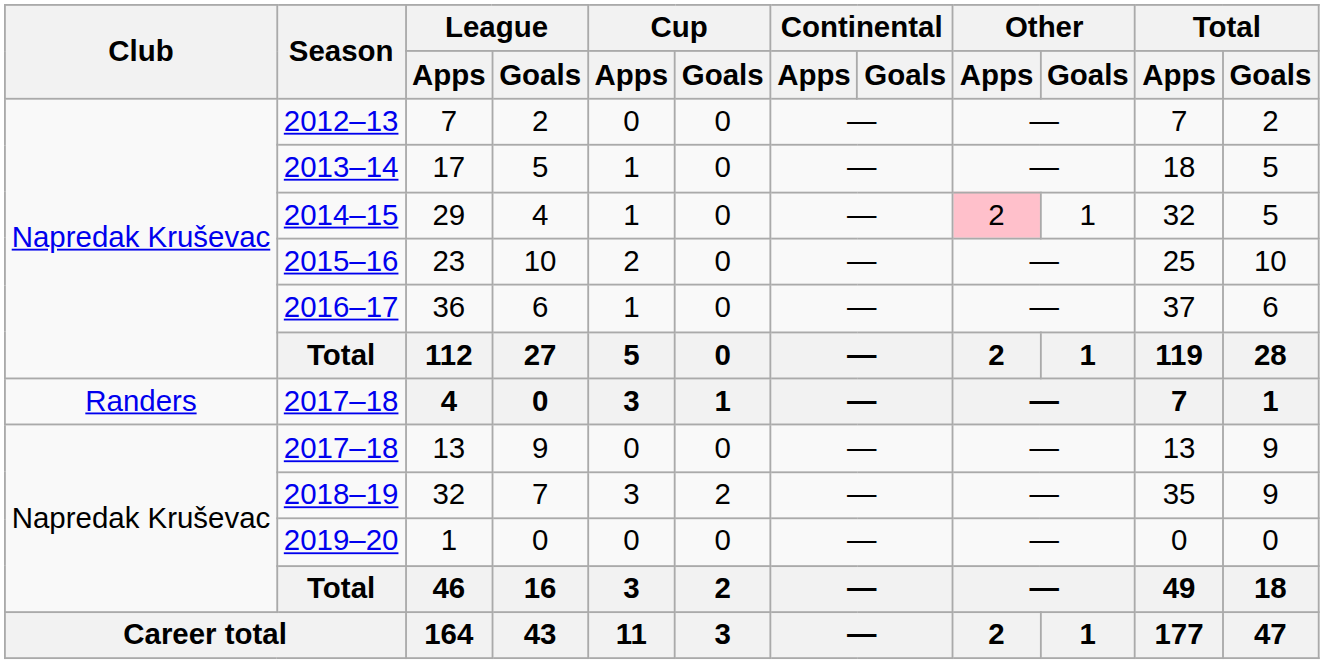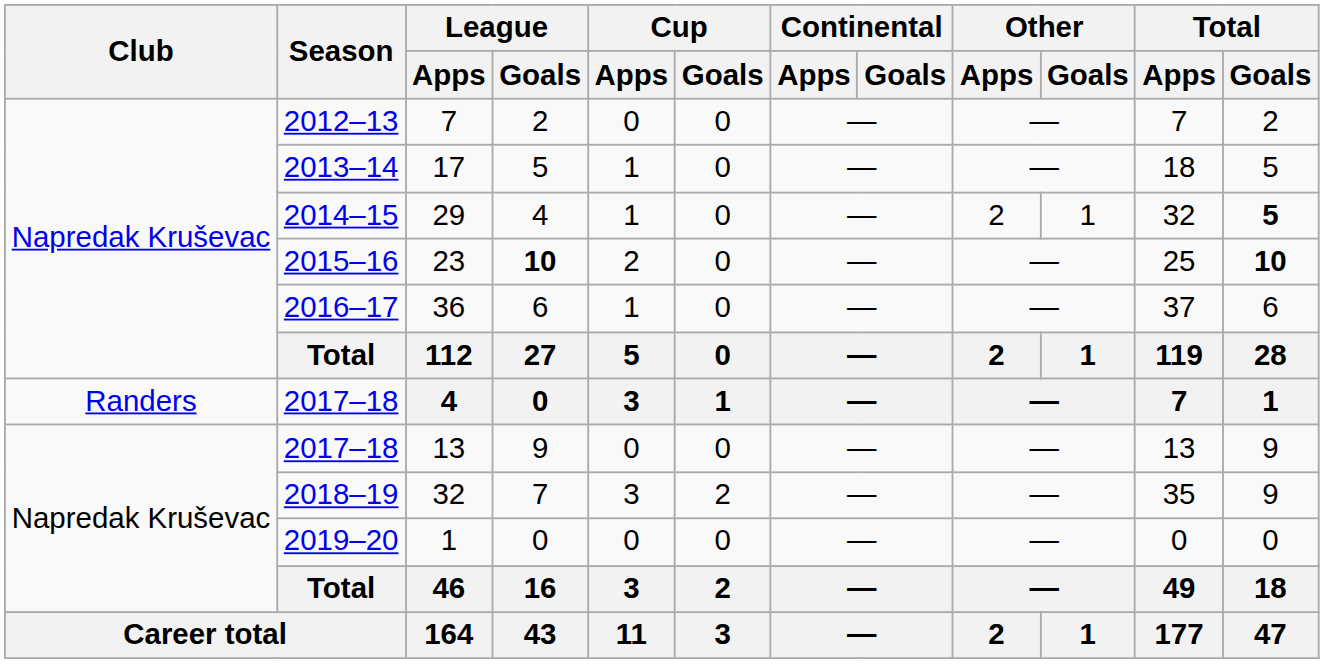 <table class="wikitable" style="text-align:center">
 <tr>
 <th rowspan="2">Club</th>
 <th rowspan="2">Season</th>
 <th colspan="2">League</th>
 <th colspan="2">Cup</th>
 <th colspan="2">Continental</th>
 <th colspan="2">Other</th>
 <th colspan="2">Total</th>
 </tr>
 <tr>
 <th>Apps</th>
 <th>Goals</th>
 <th>Apps</th>
 <th>Goals</th>
 <th>Apps</th>
 <th>Goals</th>
 <th>Apps</th>
 <th>Goals</th>
 <th>Apps</th>
 <th>Goals</th>
 </tr>
 <tr>
 <td rowspan="6"><a href='#'>Napredak Kruševac</a></td>
 <td><a href='#'>2012–13</a></td>
 <td>7</td>
 <td>2</td>
 <td>0</td>
 <td>0</td>
 <td colspan="2">—</td>
 <td colspan="2">—</td>
 <td>7</td>
 <td>2</td>
 </tr>
 <tr>
 <td><a href='#'>2013–14</a></td>
 <td>17</td>
 <td>5</td>
 <td>1</td>
 <td>0</td>
 <td colspan="2">—</td>
 <td colspan="2">—</td>
 <td>18</td>
 <td>5</td>
 </tr>
 <tr>
 <td><a href='#'>2014–15</a></td>
 <td>29</td>
 <td>4</td>
 <td>1</td>
 <td>0</td>
 <td colspan="2">—</td>
-<td style="background: pink;">2</td>
+<td>2</td>
 <td>1</td>
 <td>32</td>
-<td>5</td>
+<td><strong>5</strong></td>
 </tr>
 <tr>
 <td><a href='#'>2015–16</a></td>
 <td>23</td>
-<td>10</td>
+<td><strong>10</strong></td>
 <td>2</td>
 <td>0</td>
 <td colspan="2">—</td>
 <td colspan="2">—</td>
 <td>25</td>
-<td>10</td>
+<td><strong>10</strong></td>
 </tr>
 <tr>
 <td><a href='#'>2016–17</a></td>
 <td>36</td>
 <td>6</td>
 <td>1</td>
 <td>0</td>
 <td colspan="2">—</td>
 <td colspan="2">—</td>
 <td>37</td>
 <td>6</td>
 </tr>
 <tr>
 <th>Total</th>
 <th>112</th>
 <th>27</th>
 <th>5</th>
 <th>0</th>
 <th colspan="2">—</th>
 <th>2</th>
 <th>1</th>
 <th>119</th>
 <th>28</th>
 </tr>
 <tr>
 <td><a href='#'>Randers</a></td>
 <td><a href='#'>2017–18</a></td>
 <th>4</th>
 <th>0</th>
 <th>3</th>
 <th>1</th>
 <th colspan="2">—</th>
 <th colspan="2">—</th>
 <th>7</th>
 <th>1</th>
 </tr>
 <tr>
 <td rowspan="4">Napredak Kruševac</td>
 <td><a href='#'>2017–18</a></td>
 <td>13</td>
 <td>9</td>
 <td>0</td>
 <td>0</td>
 <td colspan="2">—</td>
 <td colspan="2">—</td>
 <td>13</td>
 <td>9</td>
 </tr>
 <tr>
 <td><a href='#'>2018–19</a></td>
 <td>32</td>
 <td>7</td>
 <td>3</td>
 <td>2</td>
 <td colspan="2">—</td>
 <td colspan="2">—</td>
 <td>35</td>
 <td>9</td>
 </tr>
 <tr>
 <td><a href='#'>2019–20</a></td>
 <td>1</td>
 <td>0</td>
 <td>0</td>
 <td>0</td>
 <td colspan="2">—</td>
 <td colspan="2">—</td>
 <td>0</td>
 <td>0</td>
 </tr>
 <tr>
 <th>Total</th>
 <th>46</th>
 <th>16</th>
 <th>3</th>
 <th>2</th>
 <th colspan="2">—</th>
 <th colspan="2">—</th>
 <th>49</th>
 <th>18</th>
 </tr>
 <tr>
 <th colspan="2">Career total</th>
 <th>164</th>
 <th>43</th>
 <th>11</th>
 <th>3</th>
 <th colspan="2">—</th>
 <th>2</th>
 <th>1</th>
 <th>177</th>
 <th>47</th>
 </tr>
 </table>
